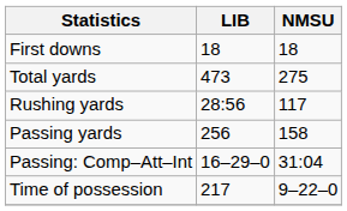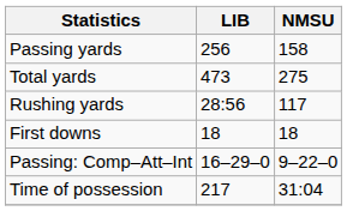 <table class="wikitable" style="float: left;">
 <tr>
 <th>Statistics</th>
 <th>LIB</th>
 <th>NMSU</th>
 </tr>
 <tr>
-<td>First downs</td>
-<td>18</td>
-<td>18</td>
+<td>Passing yards</td>
+<td>256</td>
+<td>158</td>
 </tr>
 <tr>
 <td>Total yards</td>
 <td>473</td>
 <td>275</td>
 </tr>
 <tr>
 <td>Rushing yards</td>
 <td>28:56</td>
 <td>117</td>
 </tr>
 <tr>
-<td>Passing yards</td>
-<td>256</td>
-<td>158</td>
+<td>First downs</td>
+<td>18</td>
+<td>18</td>
 </tr>
 <tr>
 <td>Passing: Comp–Att–Int</td>
 <td>16–29–0</td>
-<td>31:04</td>
+<td>9–22–0</td>
 </tr>
 <tr>
 <td>Time of possession</td>
 <td>217</td>
-<td>9–22–0</td>
+<td>31:04</td>
 </tr>
 <tr>
 </tr>
 </table>
